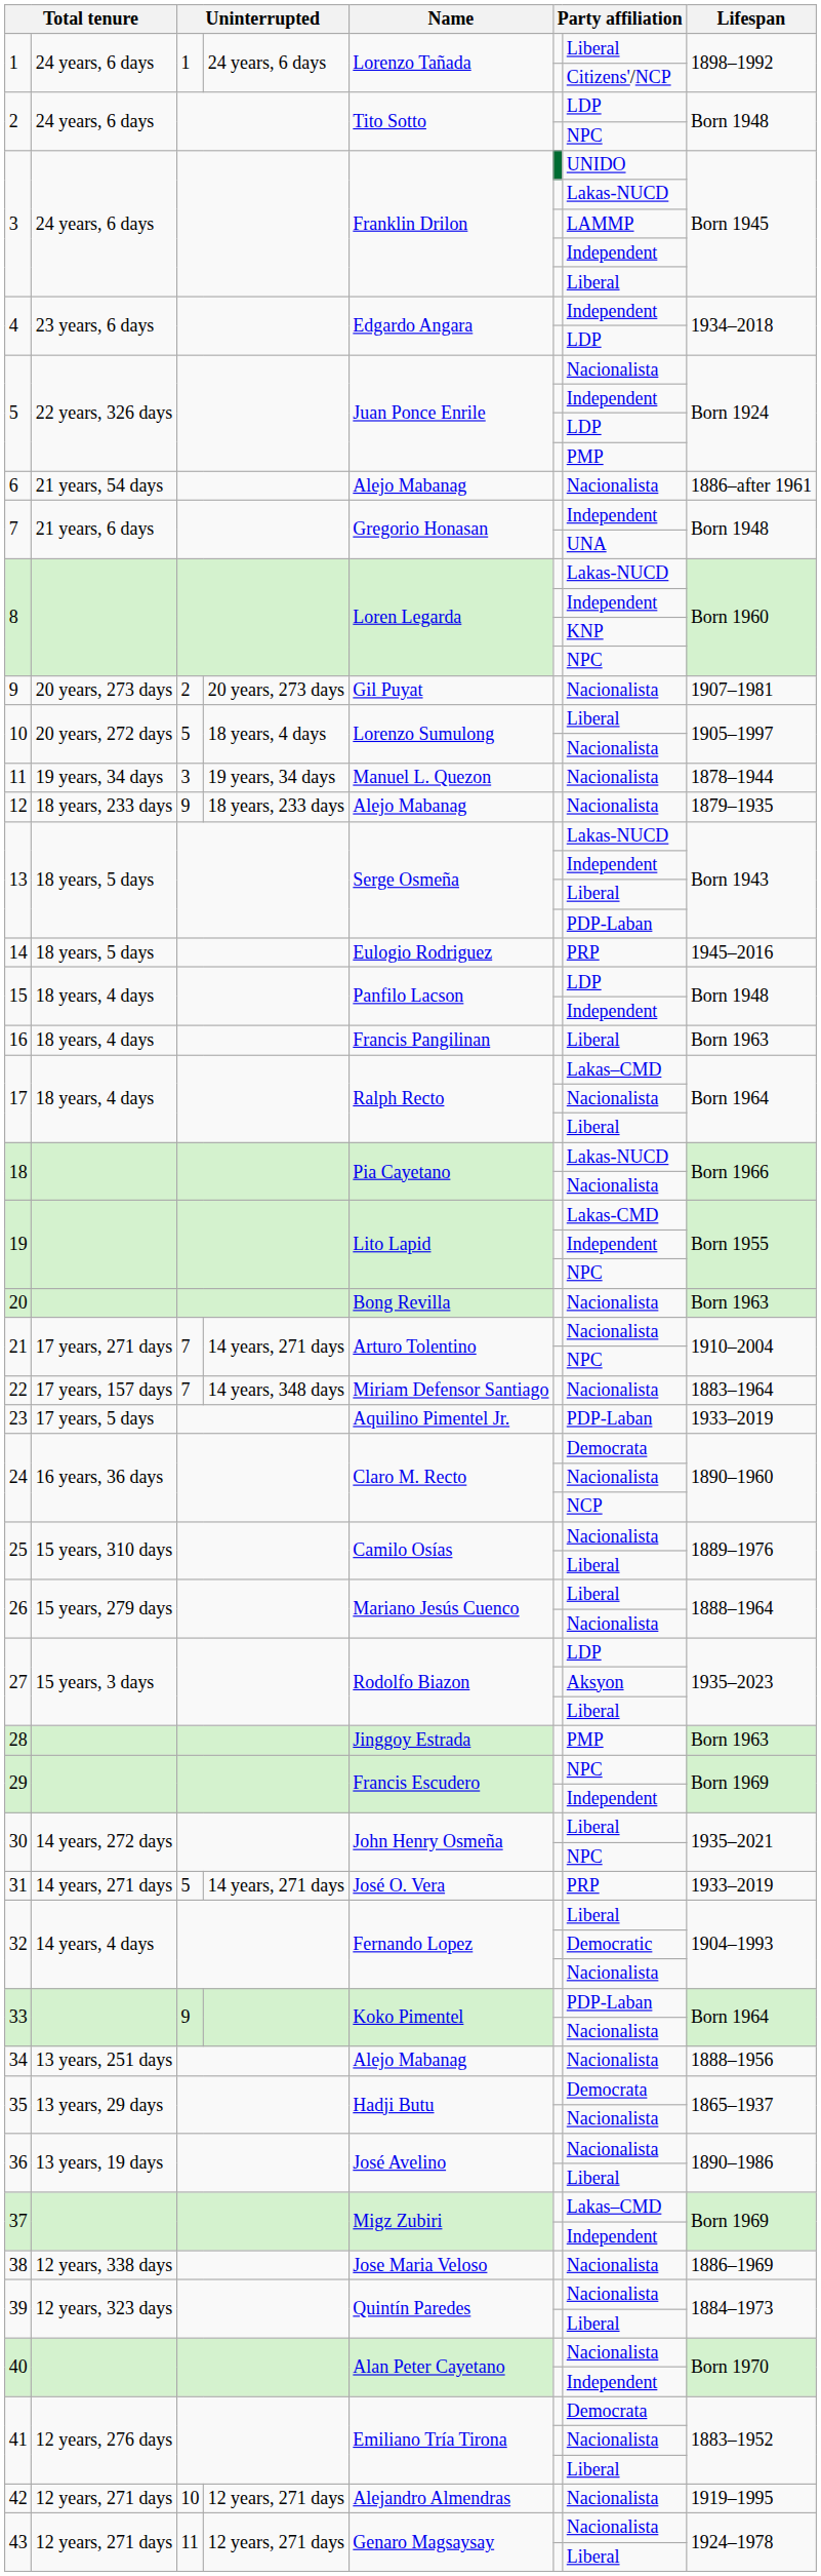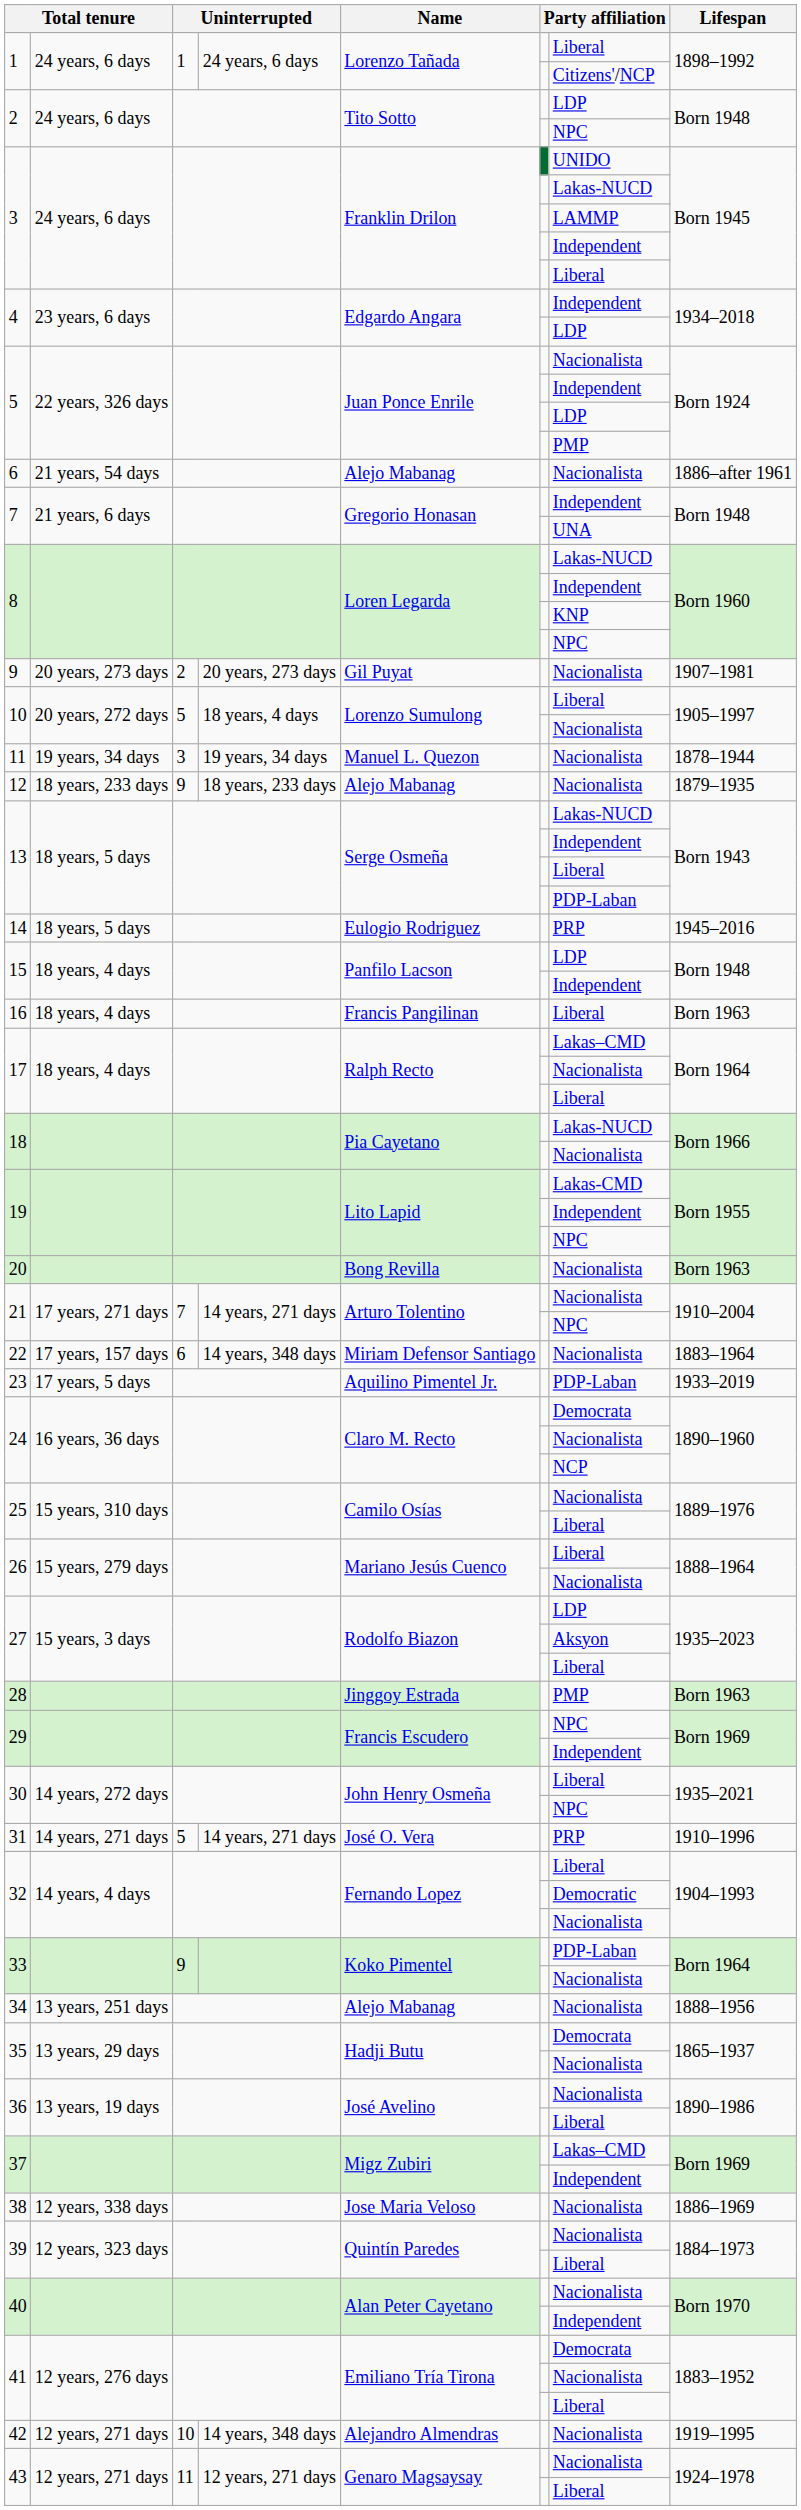 <table class="wikitable sortable">
 <tr>
 <th colspan=2>Total tenure</th>
 <th colspan="2">Uninterrupted</th>
 <th>Name</th>
 <th colspan="2">Party affiliation</th>
 <th>Lifespan</th>
 </tr>
 <tr>
 <td rowspan="2">1</td>
 <td rowspan="2">24 years, 6 days</td>
 <td rowspan="2">1</td>
 <td rowspan="2">24 years, 6 days</td>
 <td rowspan="2"><a href='#'>Lorenzo Tañada</a></td>
 <td></td>
 <td><a href='#'>Liberal</a></td>
 <td rowspan="2">1898–1992</td>
 </tr>
 <tr>
 <td></td>
 <td><a href='#'>Citizens'</a>/<a href='#'>NCP</a></td>
 </tr>
 <tr>
 <td rowspan="2">2</td>
 <td rowspan="2">24 years, 6 days</td>
 <td colspan="2" rowspan="2" b#eaecf0></td>
 <td rowspan="2"><a href='#'>Tito Sotto</a></td>
 <td></td>
 <td><a href='#'>LDP</a></td>
 <td rowspan="2">Born 1948</td>
 </tr>
 <tr>
 <td></td>
 <td><a href='#'>NPC</a></td>
 </tr>
 <tr>
 <td rowspan="5">3</td>
 <td rowspan="5">24 years, 6 days</td>
 <td colspan="2" rowspan="5"></td>
 <td rowspan="5"><a href='#'>Franklin Drilon</a></td>
 <td bgcolor="#006c32"></td>
 <td><a href='#'>UNIDO</a></td>
 <td rowspan="5">Born 1945</td>
 </tr>
 <tr>
 <td></td>
 <td><a href='#'>Lakas-NUCD</a></td>
 </tr>
 <tr>
 <td></td>
 <td><a href='#'>LAMMP</a></td>
 </tr>
 <tr>
 <td></td>
 <td><a href='#'>Independent</a></td>
 </tr>
 <tr>
 <td></td>
 <td><a href='#'>Liberal</a></td>
 </tr>
 <tr>
 <td rowspan="2">4</td>
 <td rowspan="2">23 years, 6 days</td>
 <td colspan="2" rowspan="2"></td>
 <td rowspan="2"><a href='#'>Edgardo Angara</a></td>
 <td></td>
 <td><a href='#'>Independent</a></td>
 <td rowspan="2">1934–2018</td>
 </tr>
 <tr>
 <td></td>
 <td><a href='#'>LDP</a></td>
 </tr>
 <tr>
 <td rowspan="4">5</td>
 <td rowspan="4">22 years, 326 days</td>
 <td colspan="2" rowspan="4"></td>
 <td rowspan="4"><a href='#'>Juan Ponce Enrile</a></td>
 <td></td>
 <td><a href='#'>Nacionalista</a></td>
 <td rowspan="4">Born 1924</td>
 </tr>
 <tr>
 <td></td>
 <td><a href='#'>Independent</a></td>
 </tr>
 <tr>
 <td></td>
 <td><a href='#'>LDP</a></td>
 </tr>
 <tr>
 <td></td>
 <td><a href='#'>PMP</a></td>
 </tr>
 <tr>
 <td>6</td>
 <td>21 years, 54 days</td>
 <td colspan="2"></td>
 <td><a href='#'>Alejo Mabanag</a></td>
 <td></td>
 <td><a href='#'>Nacionalista</a></td>
 <td>1886–after 1961</td>
 </tr>
 <tr>
 <td rowspan="2">7</td>
 <td rowspan="2">21 years, 6 days</td>
 <td colspan="2" rowspan="2"></td>
 <td rowspan="2"><a href='#'>Gregorio Honasan</a></td>
 <td></td>
 <td><a href='#'>Independent</a></td>
 <td rowspan="2">Born 1948</td>
 </tr>
 <tr>
 <td></td>
 <td><a href='#'>UNA</a></td>
 </tr>
 <tr>
 <td rowspan="4" bgcolor="#D4F2CE">8</td>
 <td rowspan="4" bgcolor="#D4F2CE"></td>
 <td colspan="2" rowspan="4" bgcolor="#D4F2CE"></td>
 <td rowspan="4" bgcolor="#D4F2CE"><a href='#'>Loren Legarda</a></td>
 <td></td>
 <td><a href='#'>Lakas-NUCD</a></td>
 <td rowspan="4" bgcolor="#D4F2CE">Born 1960</td>
 </tr>
 <tr>
 <td></td>
 <td><a href='#'>Independent</a></td>
 </tr>
 <tr>
 <td></td>
 <td><a href='#'>KNP</a></td>
 </tr>
 <tr>
 <td></td>
 <td><a href='#'>NPC</a></td>
 </tr>
 <tr>
 <td>9</td>
 <td>20 years, 273 days</td>
 <td>2</td>
 <td>20 years, 273 days</td>
 <td><a href='#'>Gil Puyat</a></td>
 <td></td>
 <td><a href='#'>Nacionalista</a></td>
 <td>1907–1981</td>
 </tr>
 <tr>
 <td rowspan="2">10</td>
 <td rowspan="2">20 years, 272 days</td>
 <td rowspan="2">5</td>
 <td rowspan="2">18 years, 4 days</td>
 <td rowspan="2"><a href='#'>Lorenzo Sumulong</a></td>
 <td></td>
 <td><a href='#'>Liberal</a></td>
 <td rowspan="2">1905–1997</td>
 </tr>
 <tr>
 <td></td>
 <td><a href='#'>Nacionalista</a></td>
 </tr>
 <tr>
 <td>11</td>
 <td>19 years, 34 days</td>
 <td>3</td>
 <td>19 years, 34 days</td>
 <td><a href='#'>Manuel L. Quezon</a></td>
 <td></td>
 <td><a href='#'>Nacionalista</a></td>
 <td>1878–1944</td>
 </tr>
 <tr>
 <td>12</td>
 <td>18 years, 233 days</td>
 <td>9</td>
 <td>18 years, 233 days</td>
 <td><a href='#'>Alejo Mabanag</a></td>
 <td></td>
 <td><a href='#'>Nacionalista</a></td>
 <td>1879–1935</td>
 </tr>
 <tr>
 <td rowspan="4">13</td>
 <td rowspan="4">18 years, 5 days</td>
 <td colspan="2" rowspan="4"></td>
 <td rowspan="4"><a href='#'>Serge Osmeña</a></td>
 <td></td>
 <td><a href='#'>Lakas-NUCD</a></td>
 <td rowspan="4">Born 1943</td>
 </tr>
 <tr>
 <td></td>
 <td><a href='#'>Independent</a></td>
 </tr>
 <tr>
 <td></td>
 <td><a href='#'>Liberal</a></td>
 </tr>
 <tr>
 <td></td>
 <td><a href='#'>PDP-Laban</a></td>
 </tr>
 <tr>
 <td>14</td>
 <td>18 years, 5 days</td>
 <td colspan="2"></td>
 <td><a href='#'>Eulogio Rodriguez</a></td>
 <td></td>
 <td><a href='#'>PRP</a></td>
 <td>1945–2016</td>
 </tr>
 <tr>
 <td rowspan="2">15</td>
 <td rowspan="2">18 years, 4 days</td>
 <td colspan="2" rowspan="2"></td>
 <td rowspan="2"><a href='#'>Panfilo Lacson</a></td>
 <td></td>
 <td><a href='#'>LDP</a></td>
 <td rowspan="2">Born 1948</td>
 </tr>
 <tr>
 <td></td>
 <td><a href='#'>Independent</a></td>
 </tr>
 <tr>
 <td>16</td>
 <td>18 years, 4 days</td>
 <td colspan="2"></td>
 <td><a href='#'>Francis Pangilinan</a></td>
 <td></td>
 <td><a href='#'>Liberal</a></td>
 <td>Born 1963</td>
 </tr>
 <tr>
 <td rowspan="3">17</td>
 <td rowspan="3">18 years, 4 days</td>
 <td colspan="2" rowspan="3"></td>
 <td rowspan="3"><a href='#'>Ralph Recto</a></td>
 <td></td>
 <td><a href='#'>Lakas–CMD</a></td>
 <td rowspan="3">Born 1964</td>
 </tr>
 <tr>
 <td></td>
 <td><a href='#'>Nacionalista</a></td>
 </tr>
 <tr>
 <td></td>
 <td><a href='#'>Liberal</a></td>
 </tr>
 <tr>
 <td rowspan="2" bgcolor="#D4F2CE">18</td>
 <td rowspan="2" bgcolor="#D4F2CE"></td>
 <td colspan="2" rowspan="2" bgcolor="#D4F2CE"></td>
 <td rowspan="2" bgcolor="#D4F2CE"><a href='#'>Pia Cayetano</a></td>
 <td></td>
 <td><a href='#'>Lakas-NUCD</a></td>
 <td rowspan="2" bgcolor="#D4F2CE">Born 1966</td>
 </tr>
 <tr>
 <td></td>
 <td><a href='#'>Nacionalista</a></td>
 </tr>
 <tr>
 <td rowspan="3" bgcolor="#D4F2CE">19</td>
 <td rowspan="3" bgcolor="#D4F2CE"></td>
 <td colspan="2" rowspan="3" bgcolor="#D4F2CE"></td>
 <td rowspan="3" bgcolor="#D4F2CE"><a href='#'>Lito Lapid</a></td>
 <td></td>
 <td><a href='#'>Lakas-CMD</a></td>
 <td rowspan="3" bgcolor="#D4F2CE">Born 1955</td>
 </tr>
 <tr>
 <td></td>
 <td><a href='#'>Independent</a></td>
 </tr>
 <tr>
 <td></td>
 <td><a href='#'>NPC</a></td>
 </tr>
 <tr>
 <td bgcolor="#D4F2CE">20</td>
 <td bgcolor="#D4F2CE"></td>
 <td colspan="2" bgcolor="#D4F2CE"></td>
 <td bgcolor="#D4F2CE"><a href='#'>Bong Revilla</a></td>
 <td></td>
 <td><a href='#'>Nacionalista</a></td>
 <td bgcolor="#D4F2CE">Born 1963</td>
 </tr>
 <tr>
 <td rowspan="2">21</td>
 <td rowspan="2">17 years, 271 days</td>
 <td rowspan="2">7</td>
 <td rowspan="2">14 years, 271 days</td>
 <td rowspan="2"><a href='#'>Arturo Tolentino</a></td>
 <td></td>
 <td><a href='#'>Nacionalista</a></td>
 <td rowspan="2">1910–2004</td>
 </tr>
 <tr>
 <td></td>
 <td><a href='#'>NPC</a></td>
 </tr>
 <tr>
 <td>22</td>
 <td>17 years, 157 days</td>
-<td>7</td>
+<td>6</td>
 <td>14 years, 348 days</td>
 <td><a href='#'>Miriam Defensor Santiago</a></td>
 <td></td>
 <td><a href='#'>Nacionalista</a></td>
 <td>1883–1964</td>
 </tr>
 <tr>
 <td>23</td>
 <td>17 years, 5 days</td>
 <td colspan="2"></td>
 <td><a href='#'>Aquilino Pimentel Jr.</a></td>
 <td></td>
 <td><a href='#'>PDP-Laban</a></td>
 <td>1933–2019</td>
 </tr>
 <tr>
 <td rowspan="3">24</td>
 <td rowspan="3">16 years, 36 days</td>
 <td colspan="2" rowspan="3"></td>
 <td rowspan="3"><a href='#'>Claro M. Recto</a></td>
 <td></td>
 <td><a href='#'>Democrata</a></td>
 <td rowspan="3">1890–1960</td>
 </tr>
 <tr>
 <td></td>
 <td><a href='#'>Nacionalista</a></td>
 </tr>
 <tr>
 <td></td>
 <td><a href='#'>NCP</a></td>
 </tr>
 <tr>
 <td rowspan="2">25</td>
 <td rowspan="2">15 years, 310 days</td>
 <td colspan="2" rowspan="2"></td>
 <td rowspan="2"><a href='#'>Camilo Osías</a></td>
 <td></td>
 <td><a href='#'>Nacionalista</a></td>
 <td rowspan="2">1889–1976</td>
 </tr>
 <tr>
 <td></td>
 <td><a href='#'>Liberal</a></td>
 </tr>
 <tr>
 <td rowspan="2">26</td>
 <td rowspan="2">15 years, 279 days</td>
 <td colspan="2" rowspan="2"></td>
 <td rowspan="2"><a href='#'>Mariano Jesús Cuenco</a></td>
 <td></td>
 <td><a href='#'>Liberal</a></td>
 <td rowspan="2">1888–1964</td>
 </tr>
 <tr>
 <td></td>
 <td><a href='#'>Nacionalista</a></td>
 </tr>
 <tr>
 <td rowspan="3">27</td>
 <td rowspan="3">15 years, 3 days</td>
 <td colspan="2" rowspan="3"></td>
 <td rowspan="3"><a href='#'>Rodolfo Biazon</a></td>
 <td></td>
 <td><a href='#'>LDP</a></td>
 <td rowspan="3">1935–2023</td>
 </tr>
 <tr>
 <td></td>
 <td><a href='#'>Aksyon</a></td>
 </tr>
 <tr>
 <td></td>
 <td><a href='#'>Liberal</a></td>
 </tr>
 <tr>
 <td bgcolor="#D4F2CE">28</td>
 <td bgcolor="#D4F2CE"></td>
 <td colspan="2" bgcolor="#D4F2CE"></td>
 <td bgcolor="#D4F2CE"><a href='#'>Jinggoy Estrada</a></td>
 <td></td>
 <td><a href='#'>PMP</a></td>
 <td bgcolor="#D4F2CE">Born 1963</td>
 </tr>
 <tr>
 <td rowspan="2" bgcolor="#D4F2CE">29</td>
 <td rowspan="2" bgcolor="#D4F2CE"></td>
 <td colspan="2" rowspan="2" bgcolor="#D4F2CE"></td>
 <td rowspan="2" bgcolor="#D4F2CE"><a href='#'>Francis Escudero</a></td>
 <td></td>
 <td><a href='#'>NPC</a></td>
 <td rowspan="2" bgcolor="#D4F2CE">Born 1969</td>
 </tr>
 <tr>
 <td></td>
 <td><a href='#'>Independent</a></td>
 </tr>
 <tr>
 <td rowspan="2">30</td>
 <td rowspan="2">14 years, 272 days</td>
 <td colspan="2" rowspan="2"></td>
 <td rowspan="2"><a href='#'>John Henry Osmeña</a></td>
 <td></td>
 <td><a href='#'>Liberal</a></td>
 <td rowspan="2">1935–2021</td>
 </tr>
 <tr>
 <td></td>
 <td><a href='#'>NPC</a></td>
 </tr>
 <tr>
 <td>31</td>
 <td>14 years, 271 days</td>
 <td>5</td>
 <td>14 years, 271 days</td>
 <td><a href='#'>José O. Vera</a></td>
 <td></td>
 <td><a href='#'>PRP</a></td>
-<td>1933–2019</td>
+<td>1910–1996</td>
 </tr>
 <tr>
 <td rowspan="3">32</td>
 <td rowspan="3">14 years, 4 days</td>
 <td colspan="2" rowspan="3"></td>
 <td rowspan="3"><a href='#'>Fernando Lopez</a></td>
 <td></td>
 <td><a href='#'>Liberal</a></td>
 <td rowspan="3">1904–1993</td>
 </tr>
 <tr>
 <td></td>
 <td><a href='#'>Democratic</a></td>
 </tr>
 <tr>
 <td></td>
 <td><a href='#'>Nacionalista</a></td>
 </tr>
 <tr>
 <td rowspan="2" bgcolor="#D4F2CE">33</td>
 <td rowspan="2" bgcolor="#D4F2CE"></td>
 <td rowspan="2" bgcolor="#D4F2CE">9</td>
 <td rowspan="2" bgcolor="#D4F2CE"></td>
 <td rowspan="2" bgcolor="#D4F2CE"><a href='#'>Koko Pimentel</a></td>
 <td></td>
 <td><a href='#'>PDP-Laban</a></td>
 <td rowspan="2" bgcolor="#D4F2CE">Born 1964</td>
 </tr>
 <tr>
 <td></td>
 <td><a href='#'>Nacionalista</a></td>
 </tr>
 <tr>
 <td>34</td>
 <td>13 years, 251 days</td>
 <td colspan="2"></td>
 <td><a href='#'>Alejo Mabanag</a></td>
 <td></td>
 <td><a href='#'>Nacionalista</a></td>
 <td>1888–1956</td>
 </tr>
 <tr>
 <td rowspan="2">35</td>
 <td rowspan="2">13 years, 29 days</td>
 <td colspan="2" rowspan="2"></td>
 <td rowspan="2"><a href='#'>Hadji Butu</a></td>
 <td></td>
 <td><a href='#'>Democrata</a></td>
 <td rowspan="2">1865–1937</td>
 </tr>
 <tr>
 <td></td>
 <td><a href='#'>Nacionalista</a></td>
 </tr>
 <tr>
 <td rowspan="2">36</td>
 <td rowspan="2">13 years, 19 days</td>
 <td colspan="2" rowspan="2"></td>
 <td rowspan="2"><a href='#'>José Avelino</a></td>
 <td></td>
 <td><a href='#'>Nacionalista</a></td>
 <td rowspan="2">1890–1986</td>
 </tr>
 <tr>
 <td></td>
 <td><a href='#'>Liberal</a></td>
 </tr>
 <tr>
 <td rowspan="2" bgcolor="#D4F2CE">37</td>
 <td rowspan="2" bgcolor="#D4F2CE"></td>
 <td colspan="2" rowspan="2" bgcolor="#D4F2CE"></td>
 <td rowspan="2" bgcolor="#D4F2CE"><a href='#'>Migz Zubiri</a></td>
 <td></td>
 <td><a href='#'>Lakas–CMD</a></td>
 <td rowspan="2" bgcolor="#D4F2CE">Born 1969</td>
 </tr>
 <tr>
 <td></td>
 <td><a href='#'>Independent</a></td>
 </tr>
 <tr>
 <td>38</td>
 <td>12 years, 338 days</td>
 <td colspan="2"></td>
 <td><a href='#'>Jose Maria Veloso</a></td>
 <td></td>
 <td><a href='#'>Nacionalista</a></td>
 <td>1886–1969</td>
 </tr>
 <tr>
 <td rowspan="2">39</td>
 <td rowspan="2">12 years, 323 days</td>
 <td colspan="2" rowspan="2"></td>
 <td rowspan="2"><a href='#'>Quintín Paredes</a></td>
 <td></td>
 <td><a href='#'>Nacionalista</a></td>
 <td rowspan="2">1884–1973</td>
 </tr>
 <tr>
 <td></td>
 <td><a href='#'>Liberal</a></td>
 </tr>
 <tr>
 <td rowspan="2" bgcolor="#D4F2CE">40</td>
 <td rowspan="2" bgcolor="#D4F2CE"></td>
 <td colspan="2" rowspan="2" bgcolor="#D4F2CE"></td>
 <td rowspan="2" bgcolor="#D4F2CE"><a href='#'>Alan Peter Cayetano</a></td>
 <td></td>
 <td><a href='#'>Nacionalista</a></td>
 <td rowspan="2" bgcolor="#D4F2CE">Born 1970</td>
 </tr>
 <tr>
 <td></td>
 <td><a href='#'>Independent</a></td>
 </tr>
 <tr>
 <td rowspan="3">41</td>
 <td rowspan="3">12 years, 276 days</td>
 <td colspan="2" rowspan="3"></td>
 <td rowspan="3"><a href='#'>Emiliano Tría Tirona</a></td>
 <td></td>
 <td><a href='#'>Democrata</a></td>
 <td rowspan="3">1883–1952</td>
 </tr>
 <tr>
 <td></td>
 <td><a href='#'>Nacionalista</a></td>
 </tr>
 <tr>
 <td></td>
 <td><a href='#'>Liberal</a></td>
 </tr>
 <tr>
 <td>42</td>
 <td>12 years, 271 days</td>
 <td>10</td>
-<td>12 years, 271 days</td>
+<td>14 years, 348 days</td>
 <td><a href='#'>Alejandro Almendras</a></td>
 <td></td>
 <td><a href='#'>Nacionalista</a></td>
 <td>1919–1995</td>
 </tr>
 <tr>
 <td rowspan="2">43</td>
 <td rowspan="2">12 years, 271 days</td>
 <td rowspan="2">11</td>
 <td rowspan="2">12 years, 271 days</td>
 <td rowspan="2"><a href='#'>Genaro Magsaysay</a></td>
 <td></td>
 <td><a href='#'>Nacionalista</a></td>
 <td rowspan="2">1924–1978</td>
 </tr>
 <tr>
 <td></td>
 <td><a href='#'>Liberal</a></td>
 </tr>
 <tr>
 </tr>
 </table>
